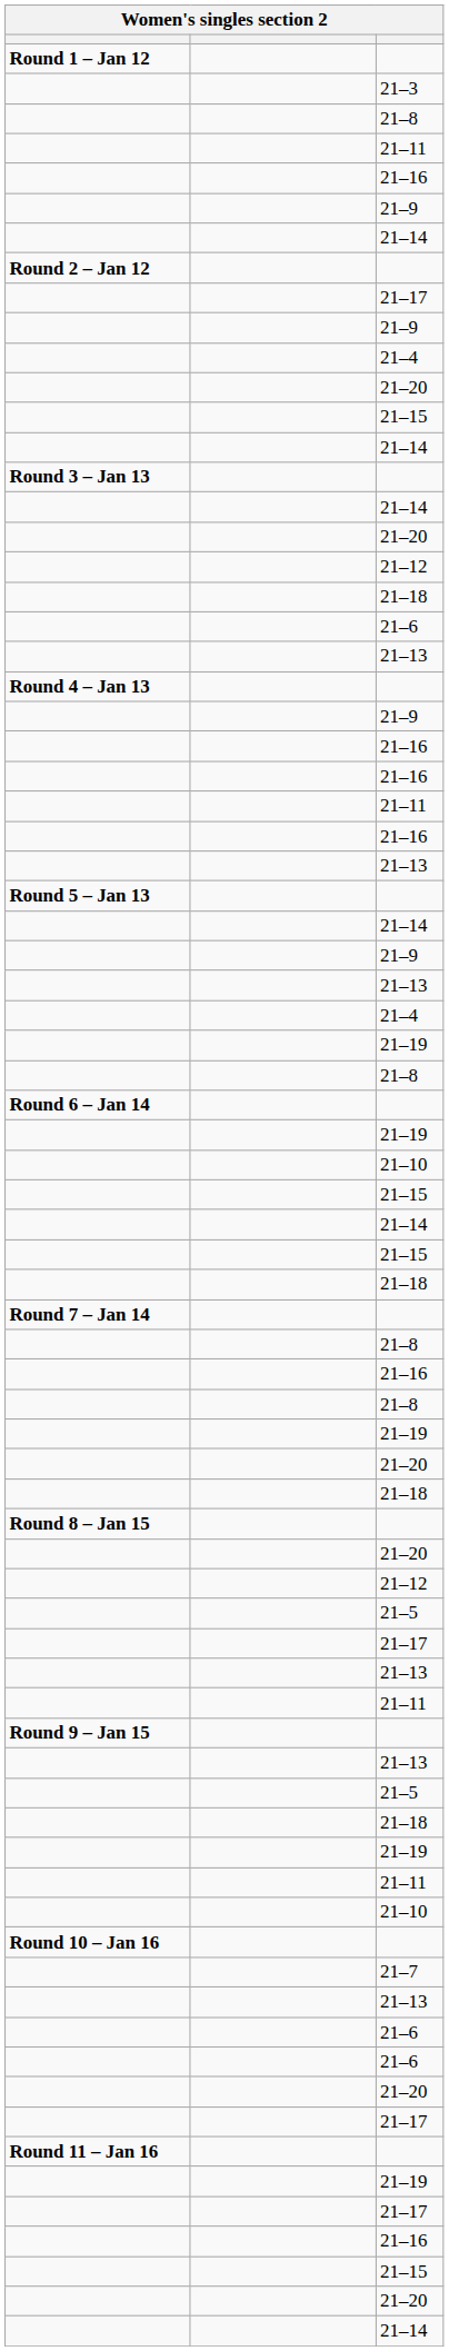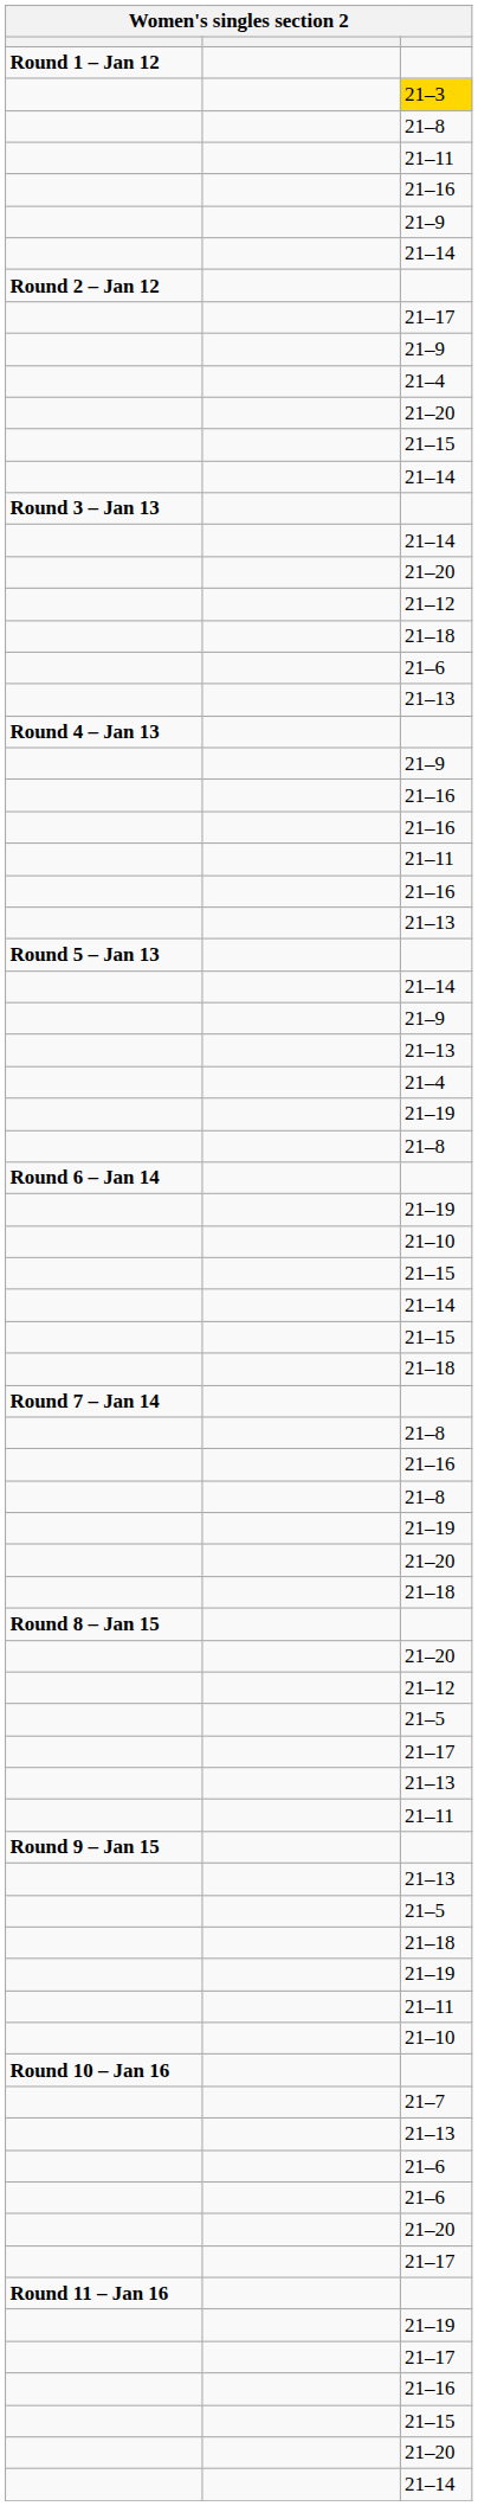 <table class="wikitable">
 <tr>
 <th colspan="3">Women's singles section 2</th>
 </tr>
 <tr>
 <th width=150></th>
 <th width=150></th>
 <th width=50></th>
 </tr>
 <tr>
 <td><strong>Round 1 – Jan 12</strong></td>
 <td></td>
 <td></td>
 </tr>
 <tr>
 <td></td>
 <td></td>
-<td>21–3</td>
+<td style="background: gold;">21–3</td>
 </tr>
 <tr>
 <td></td>
 <td></td>
 <td>21–8</td>
 </tr>
 <tr>
 <td></td>
 <td></td>
 <td>21–11</td>
 </tr>
 <tr>
 <td></td>
 <td></td>
 <td>21–16</td>
 </tr>
 <tr>
 <td></td>
 <td></td>
 <td>21–9</td>
 </tr>
 <tr>
 <td></td>
 <td></td>
 <td>21–14</td>
 </tr>
 <tr>
 <td><strong>Round 2 – Jan 12</strong></td>
 <td></td>
 <td></td>
 </tr>
 <tr>
 <td></td>
 <td></td>
 <td>21–17</td>
 </tr>
 <tr>
 <td></td>
 <td></td>
 <td>21–9</td>
 </tr>
 <tr>
 <td></td>
 <td></td>
 <td>21–4</td>
 </tr>
 <tr>
 <td></td>
 <td></td>
 <td>21–20</td>
 </tr>
 <tr>
 <td></td>
 <td></td>
 <td>21–15</td>
 </tr>
 <tr>
 <td></td>
 <td></td>
 <td>21–14</td>
 </tr>
 <tr>
 <td><strong>Round 3 – Jan 13</strong></td>
 <td></td>
 <td></td>
 </tr>
 <tr>
 <td></td>
 <td></td>
 <td>21–14</td>
 </tr>
 <tr>
 <td></td>
 <td></td>
 <td>21–20</td>
 </tr>
 <tr>
 <td></td>
 <td></td>
 <td>21–12</td>
 </tr>
 <tr>
 <td></td>
 <td></td>
 <td>21–18</td>
 </tr>
 <tr>
 <td></td>
 <td></td>
 <td>21–6</td>
 </tr>
 <tr>
 <td></td>
 <td></td>
 <td>21–13</td>
 </tr>
 <tr>
 <td><strong>Round 4 – Jan 13</strong></td>
 <td></td>
 <td></td>
 </tr>
 <tr>
 <td></td>
 <td></td>
 <td>21–9</td>
 </tr>
 <tr>
 <td></td>
 <td></td>
 <td>21–16</td>
 </tr>
 <tr>
 <td></td>
 <td></td>
 <td>21–16</td>
 </tr>
 <tr>
 <td></td>
 <td></td>
 <td>21–11</td>
 </tr>
 <tr>
 <td></td>
 <td></td>
 <td>21–16</td>
 </tr>
 <tr>
 <td></td>
 <td></td>
 <td>21–13</td>
 </tr>
 <tr>
 <td><strong>Round 5 – Jan 13</strong></td>
 <td></td>
 <td></td>
 </tr>
 <tr>
 <td></td>
 <td></td>
 <td>21–14</td>
 </tr>
 <tr>
 <td></td>
 <td></td>
 <td>21–9</td>
 </tr>
 <tr>
 <td></td>
 <td></td>
 <td>21–13</td>
 </tr>
 <tr>
 <td></td>
 <td></td>
 <td>21–4</td>
 </tr>
 <tr>
 <td></td>
 <td></td>
 <td>21–19</td>
 </tr>
 <tr>
 <td></td>
 <td></td>
 <td>21–8</td>
 </tr>
 <tr>
 <td><strong>Round 6  – Jan 14</strong></td>
 <td></td>
 <td></td>
 </tr>
 <tr>
 <td></td>
 <td></td>
 <td>21–19</td>
 </tr>
 <tr>
 <td></td>
 <td></td>
 <td>21–10</td>
 </tr>
 <tr>
 <td></td>
 <td></td>
 <td>21–15</td>
 </tr>
 <tr>
 <td></td>
 <td></td>
 <td>21–14</td>
 </tr>
 <tr>
 <td></td>
 <td></td>
 <td>21–15</td>
 </tr>
 <tr>
 <td></td>
 <td></td>
 <td>21–18</td>
 </tr>
 <tr>
 <td><strong>Round 7 – Jan 14</strong></td>
 <td></td>
 <td></td>
 </tr>
 <tr>
 <td></td>
 <td></td>
 <td>21–8</td>
 </tr>
 <tr>
 <td></td>
 <td></td>
 <td>21–16</td>
 </tr>
 <tr>
 <td></td>
 <td></td>
 <td>21–8</td>
 </tr>
 <tr>
 <td></td>
 <td></td>
 <td>21–19</td>
 </tr>
 <tr>
 <td></td>
 <td></td>
 <td>21–20</td>
 </tr>
 <tr>
 <td></td>
 <td></td>
 <td>21–18</td>
 </tr>
 <tr>
 <td><strong>Round 8 – Jan 15</strong></td>
 <td></td>
 <td></td>
 </tr>
 <tr>
 <td></td>
 <td></td>
 <td>21–20</td>
 </tr>
 <tr>
 <td></td>
 <td></td>
 <td>21–12</td>
 </tr>
 <tr>
 <td></td>
 <td></td>
 <td>21–5</td>
 </tr>
 <tr>
 <td></td>
 <td></td>
 <td>21–17</td>
 </tr>
 <tr>
 <td></td>
 <td></td>
 <td>21–13</td>
 </tr>
 <tr>
 <td></td>
 <td></td>
 <td>21–11</td>
 </tr>
 <tr>
 <td><strong>Round 9 – Jan 15</strong></td>
 <td></td>
 <td></td>
 </tr>
 <tr>
 <td></td>
 <td></td>
 <td>21–13</td>
 </tr>
 <tr>
 <td></td>
 <td></td>
 <td>21–5</td>
 </tr>
 <tr>
 <td></td>
 <td></td>
 <td>21–18</td>
 </tr>
 <tr>
 <td></td>
 <td></td>
 <td>21–19</td>
 </tr>
 <tr>
 <td></td>
 <td></td>
 <td>21–11</td>
 </tr>
 <tr>
 <td></td>
 <td></td>
 <td>21–10</td>
 </tr>
 <tr>
 <td><strong>Round 10 – Jan 16</strong></td>
 <td></td>
 <td></td>
 </tr>
 <tr>
 <td></td>
 <td></td>
 <td>21–7</td>
 </tr>
 <tr>
 <td></td>
 <td></td>
 <td>21–13</td>
 </tr>
 <tr>
 <td></td>
 <td></td>
 <td>21–6</td>
 </tr>
 <tr>
 <td></td>
 <td></td>
 <td>21–6</td>
 </tr>
 <tr>
 <td></td>
 <td></td>
 <td>21–20</td>
 </tr>
 <tr>
 <td></td>
 <td></td>
 <td>21–17</td>
 </tr>
 <tr>
 <td><strong>Round 11 – Jan 16</strong></td>
 <td></td>
 <td></td>
 </tr>
 <tr>
 <td></td>
 <td></td>
 <td>21–19</td>
 </tr>
 <tr>
 <td></td>
 <td></td>
 <td>21–17</td>
 </tr>
 <tr>
 <td></td>
 <td></td>
 <td>21–16</td>
 </tr>
 <tr>
 <td></td>
 <td></td>
 <td>21–15</td>
 </tr>
 <tr>
 <td></td>
 <td></td>
 <td>21–20</td>
 </tr>
 <tr>
 <td></td>
 <td></td>
 <td>21–14</td>
 </tr>
 </table>
